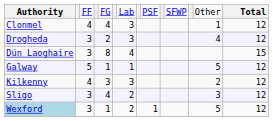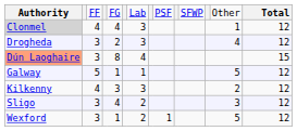 <table class="wikitable" style="text-align:right; padding-left:1em">
 <tr>
 <th align="left">Authority</th>
 <th style="background-color: "></th>
 <td><a href='#'>FF</a></td>
 <th style="background-color: "></th>
 <td><a href='#'>FG</a></td>
 <th style="background-color: "></th>
 <td><a href='#'>Lab</a></td>
 <th style="background-color: "></th>
 <td><a href='#'>PSF</a></td>
 <th style="background-color: "></th>
 <td><a href='#'>SFWP</a></td>
 <th style="background-color: "></th>
 <td>Other</td>
 <th style="padding-left:2em">Total</th>
 </tr>
 <tr>
-<td align="left"><a href='#'>Clonmel</a></td>
+<td align="left" style="background: lightgrey;"><a href='#'>Clonmel</a></td>
 <td colspan="2">4</td>
 <td colspan="2">4</td>
 <td colspan="2">3</td>
 <td colspan="2"></td>
 <td colspan="2"></td>
 <td colspan="2">1</td>
 <td>12</td>
 </tr>
 <tr bgcolor="F3F3FF">
 <td align="left"><a href='#'>Drogheda</a></td>
 <td colspan="2">3</td>
 <td colspan="2">2</td>
 <td colspan="2">3</td>
 <td colspan="2"></td>
 <td colspan="2"></td>
 <td colspan="2">4</td>
 <td>12</td>
 </tr>
 <tr>
-<td align="left"><a href='#'>Dún Laoghaire</a></td>
+<td align="left" style="background: lightsalmon;"><a href='#'>Dún Laoghaire</a></td>
 <td colspan="2">3</td>
 <td colspan="2">8</td>
 <td colspan="2">4</td>
 <td colspan="2"></td>
 <td colspan="2"></td>
 <td colspan="2"></td>
 <td>15</td>
 </tr>
 <tr bgcolor="F3F3FF">
 <td align="left"><a href='#'>Galway</a></td>
 <td colspan="2">5</td>
 <td colspan="2">1</td>
 <td colspan="2">1</td>
 <td colspan="2"></td>
 <td colspan="2"></td>
 <td colspan="2">5</td>
 <td>12</td>
 </tr>
 <tr>
 <td align="left"><a href='#'>Kilkenny</a></td>
 <td colspan="2">4</td>
 <td colspan="2">3</td>
 <td colspan="2">3</td>
 <td colspan="2"></td>
 <td colspan="2"></td>
 <td colspan="2">2</td>
 <td>12</td>
 </tr>
 <tr bgcolor="F3F3FF">
 <td align="left"><a href='#'>Sligo</a></td>
 <td colspan="2">3</td>
 <td colspan="2">4</td>
 <td colspan="2">2</td>
 <td colspan="2"></td>
 <td colspan="2"></td>
 <td colspan="2">3</td>
 <td>12</td>
 </tr>
 <tr>
-<td align="left" style="background: lightblue;"><a href='#'>Wexford</a></td>
+<td align="left"><a href='#'>Wexford</a></td>
 <td colspan="2">3</td>
 <td colspan="2">1</td>
 <td colspan="2">2</td>
 <td colspan="2">1</td>
 <td colspan="2"></td>
 <td colspan="2">5</td>
 <td>12</td>
 </tr>
 </table>
